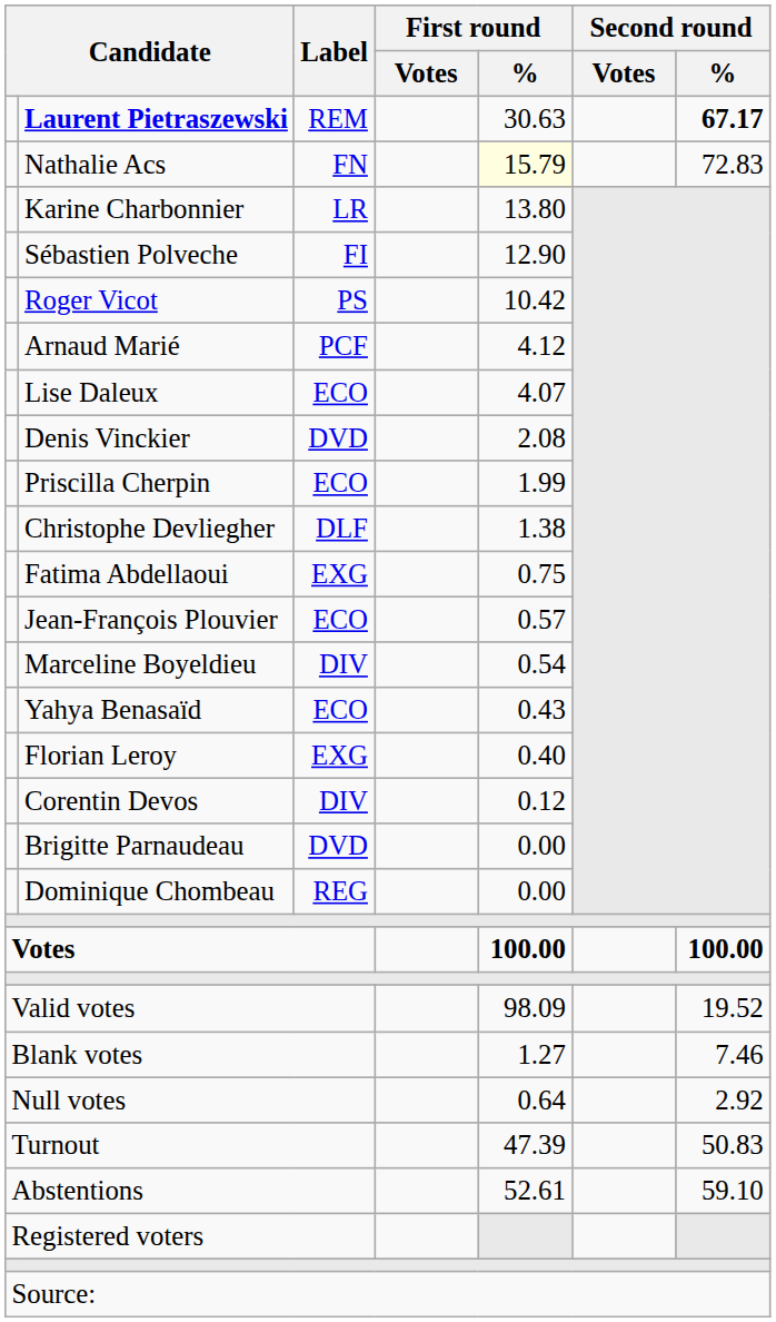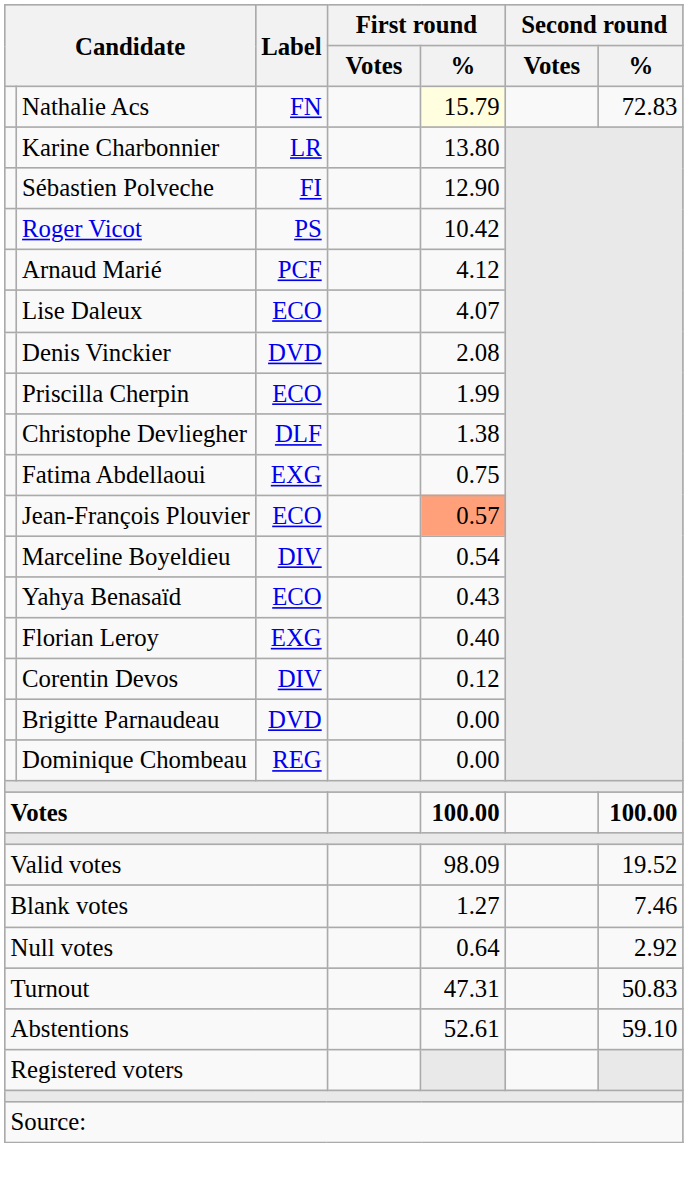 <table class="wikitable" style="text-align:right;font-size:95%;">
 <tr>
 <th rowspan="2" colspan="2">Candidate</th>
 <th rowspan="2">Label</th>
 <th colspan="2">First round</th>
 <th colspan="2">Second round</th>
 </tr>
 <tr>
 <th style="width:50px;">Votes</th>
 <th style="width:45px;">%</th>
 <th style="width:50px;">Votes</th>
 <th style="width:45px;">%</th>
-</tr>
-<tr>
-<td style="color:inherit;background:"></td>
-<td style="text-align:left;"><strong><a href='#'>Laurent Pietraszewski</a></strong></td>
-<td><a href='#'>REM</a></td>
-<td></td>
-<td>30.63</td>
-<td><strong></strong></td>
-<td><strong>67.17</strong></td>
 </tr>
 <tr>
 <td style="color:inherit;background:"></td>
 <td style="text-align:left;">Nathalie Acs</td>
 <td><a href='#'>FN</a></td>
 <td></td>
 <td style="background: lightyellow;">15.79</td>
 <td></td>
 <td>72.83</td>
 </tr>
 <tr>
 <td style="color:inherit;background:"></td>
 <td style="text-align:left;">Karine Charbonnier</td>
 <td><a href='#'>LR</a></td>
 <td></td>
 <td>13.80</td>
 <td colspan="2" rowspan="16" style="background:#E9E9E9;"></td>
 </tr>
 <tr>
 <td style="color:inherit;background:"></td>
 <td style="text-align:left;">Sébastien Polveche</td>
 <td><a href='#'>FI</a></td>
 <td></td>
 <td>12.90</td>
 </tr>
 <tr>
 <td style="color:inherit;background:"></td>
 <td style="text-align:left;"><a href='#'>Roger Vicot</a></td>
 <td><a href='#'>PS</a></td>
 <td></td>
 <td>10.42</td>
 </tr>
 <tr>
 <td style="color:inherit;background:"></td>
 <td style="text-align:left;">Arnaud Marié</td>
 <td><a href='#'>PCF</a></td>
 <td></td>
 <td>4.12</td>
 </tr>
 <tr>
 <td style="color:inherit;background:"></td>
 <td style="text-align:left;">Lise Daleux</td>
 <td><a href='#'>ECO</a></td>
 <td></td>
 <td>4.07</td>
 </tr>
 <tr>
 <td style="color:inherit;background:"></td>
 <td style="text-align:left;">Denis Vinckier</td>
 <td><a href='#'>DVD</a></td>
 <td></td>
 <td>2.08</td>
 </tr>
 <tr>
 <td style="color:inherit;background:"></td>
 <td style="text-align:left;">Priscilla Cherpin</td>
 <td><a href='#'>ECO</a></td>
 <td></td>
 <td>1.99</td>
 </tr>
 <tr>
 <td style="color:inherit;background:"></td>
 <td style="text-align:left;">Christophe Devliegher</td>
 <td><a href='#'>DLF</a></td>
 <td></td>
 <td>1.38</td>
 </tr>
 <tr>
 <td style="color:inherit;background:"></td>
 <td style="text-align:left;">Fatima Abdellaoui</td>
 <td><a href='#'>EXG</a></td>
 <td></td>
 <td>0.75</td>
 </tr>
 <tr>
 <td style="color:inherit;background:"></td>
 <td style="text-align:left;">Jean-François Plouvier</td>
 <td><a href='#'>ECO</a></td>
 <td></td>
-<td>0.57</td>
+<td style="background: lightsalmon;">0.57</td>
 </tr>
 <tr>
 <td style="color:inherit;background:"></td>
 <td style="text-align:left;">Marceline Boyeldieu</td>
 <td><a href='#'>DIV</a></td>
 <td></td>
 <td>0.54</td>
 </tr>
 <tr>
 <td style="color:inherit;background:"></td>
 <td style="text-align:left;">Yahya Benasaïd</td>
 <td><a href='#'>ECO</a></td>
 <td></td>
 <td>0.43</td>
 </tr>
 <tr>
 <td style="color:inherit;background:"></td>
 <td style="text-align:left;">Florian Leroy</td>
 <td><a href='#'>EXG</a></td>
 <td></td>
 <td>0.40</td>
 </tr>
 <tr>
 <td style="color:inherit;background:"></td>
 <td style="text-align:left;">Corentin Devos</td>
 <td><a href='#'>DIV</a></td>
 <td></td>
 <td>0.12</td>
 </tr>
 <tr>
 <td style="color:inherit;background:"></td>
 <td style="text-align:left;">Brigitte Parnaudeau</td>
 <td><a href='#'>DVD</a></td>
 <td></td>
 <td>0.00</td>
 </tr>
 <tr>
 <td style="color:inherit;background:"></td>
 <td style="text-align:left;">Dominique Chombeau</td>
 <td><a href='#'>REG</a></td>
 <td></td>
 <td>0.00</td>
 </tr>
 <tr>
 <td colspan="7" style="background:#E9E9E9;"></td>
 </tr>
 <tr style="font-weight:bold;">
 <td colspan="3" style="text-align:left;">Votes</td>
 <td></td>
 <td>100.00</td>
 <td></td>
 <td>100.00</td>
 </tr>
 <tr>
 <td colspan="7" style="background:#E9E9E9;"></td>
 </tr>
 <tr>
 <td colspan="3" style="text-align:left;">Valid votes</td>
 <td></td>
 <td>98.09</td>
 <td></td>
 <td>19.52</td>
 </tr>
 <tr>
 <td colspan="3" style="text-align:left;">Blank votes</td>
 <td></td>
 <td>1.27</td>
 <td></td>
 <td>7.46</td>
 </tr>
 <tr>
 <td colspan="3" style="text-align:left;">Null votes</td>
 <td></td>
 <td>0.64</td>
 <td></td>
 <td>2.92</td>
 </tr>
 <tr>
 <td colspan="3" style="text-align:left;">Turnout</td>
 <td></td>
-<td>47.39</td>
+<td>47.31</td>
 <td></td>
 <td>50.83</td>
 </tr>
 <tr>
 <td colspan="3" style="text-align:left;">Abstentions</td>
 <td></td>
 <td>52.61</td>
 <td></td>
 <td>59.10</td>
 </tr>
 <tr>
 <td colspan="3" style="text-align:left;">Registered voters</td>
 <td></td>
 <td style="background:#E9E9E9;"></td>
 <td></td>
 <td style="background:#E9E9E9;"></td>
 </tr>
 <tr>
 <td colspan="7" style="background:#E9E9E9;"></td>
 </tr>
 <tr>
 <td colspan="7" style="text-align:left;">Source: </td>
 </tr>
 </table>
